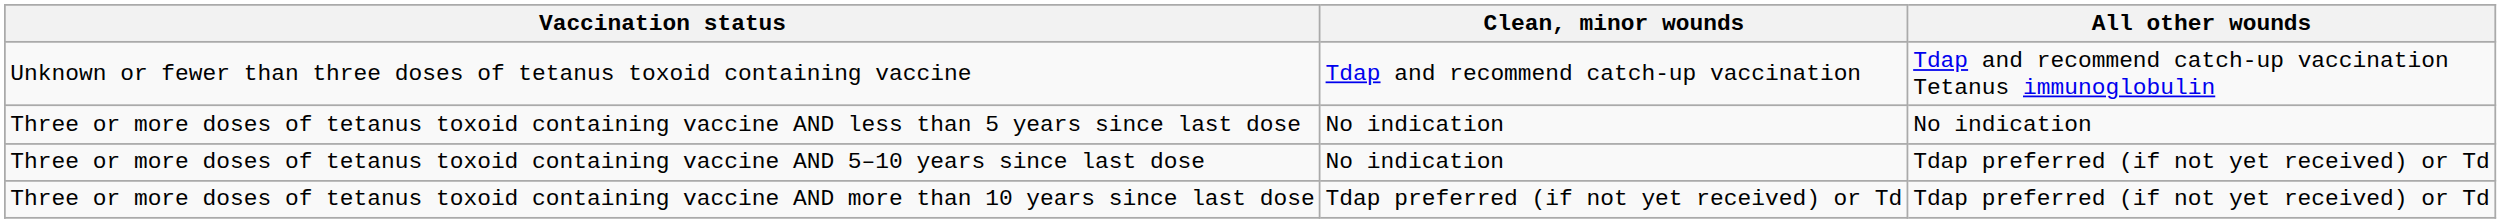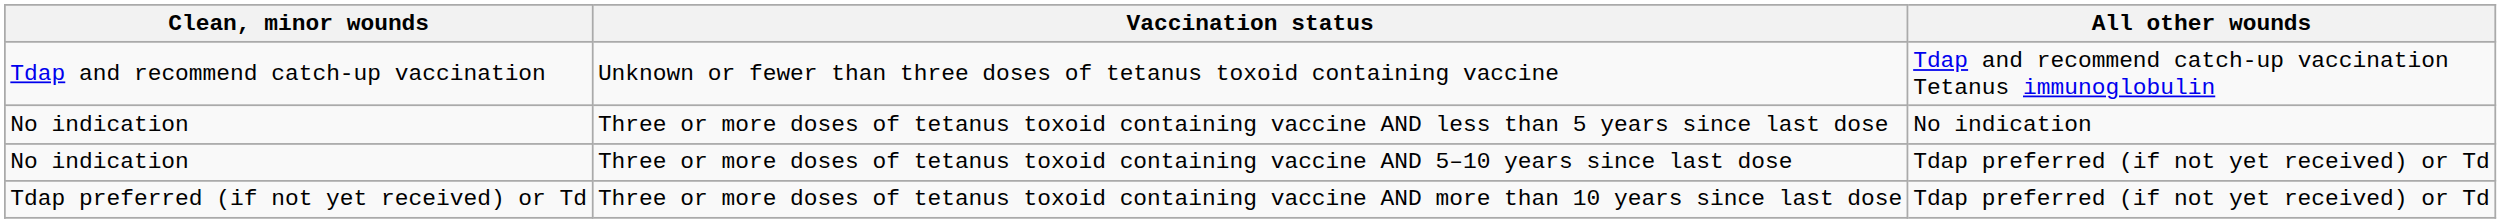 <table class="wikitable">
 <tr>
+<th>Clean, minor wounds</th>
 <th>Vaccination status</th>
-<th>Clean, minor wounds</th>
 <th>All other wounds</th>
 </tr>
 <tr>
+<td><a href='#'>Tdap</a> and recommend catch-up vaccination</td>
 <td>Unknown or fewer than three doses of tetanus toxoid containing vaccine</td>
-<td><a href='#'>Tdap</a> and recommend catch-up vaccination</td>
 <td><a href='#'>Tdap</a> and recommend catch-up vaccination<br> Tetanus <a href='#'>immunoglobulin</a></td>
 </tr>
 <tr>
+<td>No indication</td>
 <td>Three or more doses of tetanus toxoid containing vaccine AND less than 5 years since last dose</td>
-<td>No indication</td>
 <td>No indication</td>
 </tr>
 <tr>
+<td>No indication</td>
 <td>Three or more doses of tetanus toxoid containing vaccine AND 5–10 years since last dose</td>
-<td>No indication</td>
 <td>Tdap preferred (if not yet received) or Td</td>
 </tr>
 <tr>
+<td>Tdap preferred (if not yet received) or Td</td>
 <td>Three or more doses of tetanus toxoid containing vaccine AND more than 10 years since last dose</td>
-<td>Tdap preferred (if not yet received) or Td</td>
 <td>Tdap preferred (if not yet received) or Td</td>
 </tr>
 </table>
